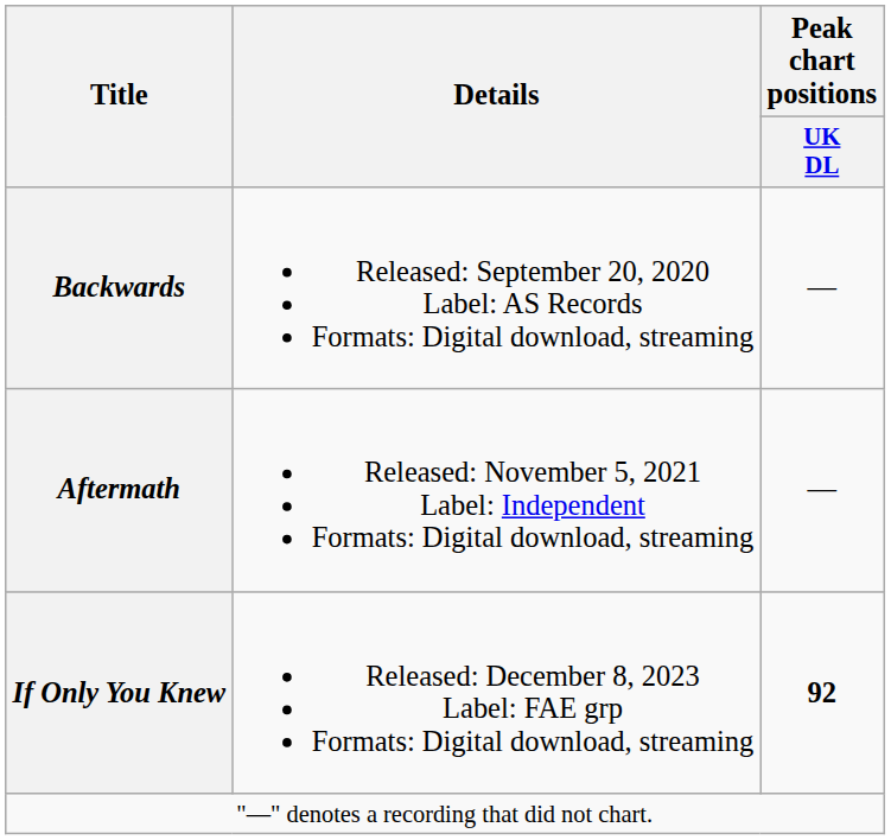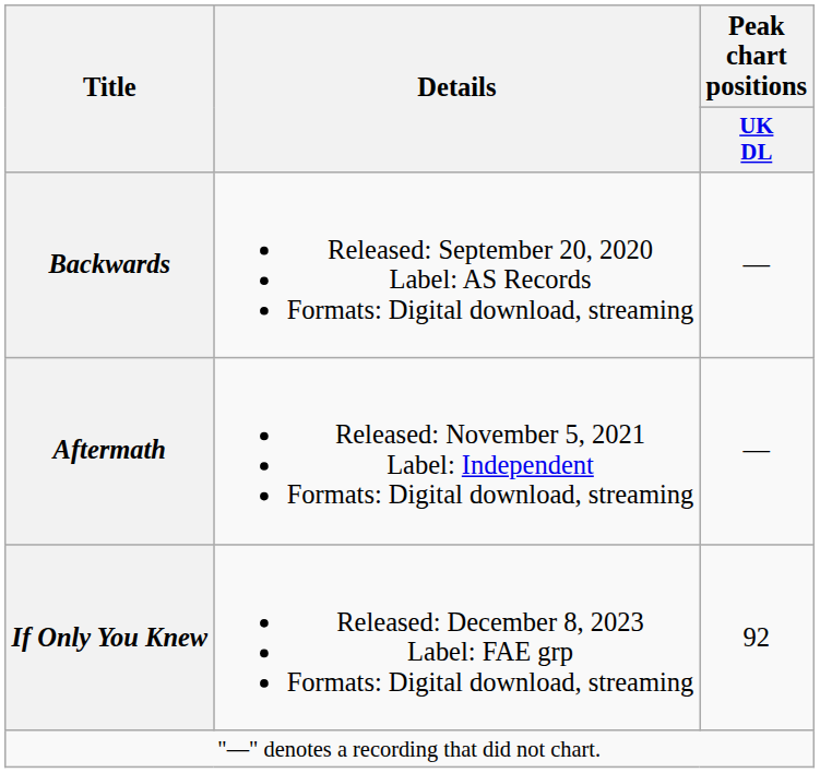 <table class="wikitable plainrowheaders" style="text-align:center;">
 <tr>
 <th rowspan="2">Title</th>
 <th rowspan="2">Details</th>
 <th>Peak chart positions</th>
 </tr>
 <tr>
 <th scope="col" style="width:3em;font-size:85%;"><a href='#'>UK<br>DL</a><br></th>
 </tr>
 <tr>
 <th scope="row"><em>Backwards</em></th>
 <td><br><ul><li>Released: September 20, 2020</li><li>Label: AS Records</li><li>Formats: Digital download, streaming</li></ul></td>
 <td>—</td>
 </tr>
 <tr>
 <th scope="row"><em>Aftermath</em></th>
 <td><br><ul><li>Released: November 5, 2021</li><li>Label: <a href='#'>Independent</a></li><li>Formats: Digital download, streaming</li></ul></td>
 <td>—</td>
 </tr>
 <tr>
 <th scope="row"><em>If Only You Knew</em></th>
 <td><br><ul><li>Released: December 8, 2023</li><li>Label: FAE grp</li><li>Formats: Digital download, streaming</li></ul></td>
-<td><strong>92</strong></td>
+<td>92</td>
 </tr>
 <tr>
 <td colspan="7" style="font-size:smaller;">"—" denotes a recording that did not chart.</td>
 </tr>
 </table>
